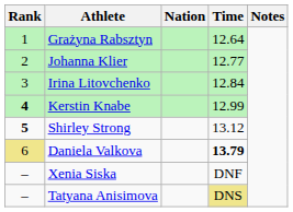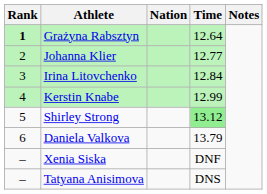 <table class="wikitable sortable" style="text-align:center">
 <tr>
 <th>Rank</th>
 <th>Athlete</th>
 <th>Nation</th>
 <th>Time</th>
 <th>Notes</th>
 </tr>
 <tr style="background:#bbf3bb;">
-<td>1</td>
+<td><strong>1</strong></td>
 <td align=left><a href='#'>Grażyna Rabsztyn</a></td>
 <td align=left></td>
 <td>12.64</td>
 </tr>
 <tr style="background:#bbf3bb;">
 <td>2</td>
 <td align=left><a href='#'>Johanna Klier</a></td>
 <td align=left></td>
 <td>12.77</td>
 </tr>
 <tr style="background:#bbf3bb;">
 <td>3</td>
 <td align=left><a href='#'>Irina Litovchenko</a></td>
 <td align=left></td>
 <td>12.84</td>
 </tr>
 <tr style="background:#bbf3bb;">
-<td><strong>4</strong></td>
+<td>4</td>
 <td align=left><a href='#'>Kerstin Knabe</a></td>
 <td align=left></td>
 <td>12.99</td>
 </tr>
 <tr>
-<td><strong>5</strong></td>
+<td>5</td>
 <td align=left><a href='#'>Shirley Strong</a></td>
 <td align=left></td>
-<td>13.12</td>
+<td style="background: lightgreen;">13.12</td>
 </tr>
 <tr>
-<td style="background: khaki;">6</td>
+<td>6</td>
 <td align=left><a href='#'>Daniela Valkova</a></td>
 <td align=left></td>
-<td><strong>13.79</strong></td>
+<td>13.79</td>
 </tr>
 <tr>
 <td>–</td>
 <td align=left><a href='#'>Xenia Siska</a></td>
 <td align=left></td>
 <td>DNF</td>
 </tr>
 <tr>
 <td>–</td>
 <td align=left><a href='#'>Tatyana Anisimova</a></td>
 <td align=left></td>
-<td style="background: khaki;">DNS</td>
+<td>DNS</td>
 </tr>
 </table>
